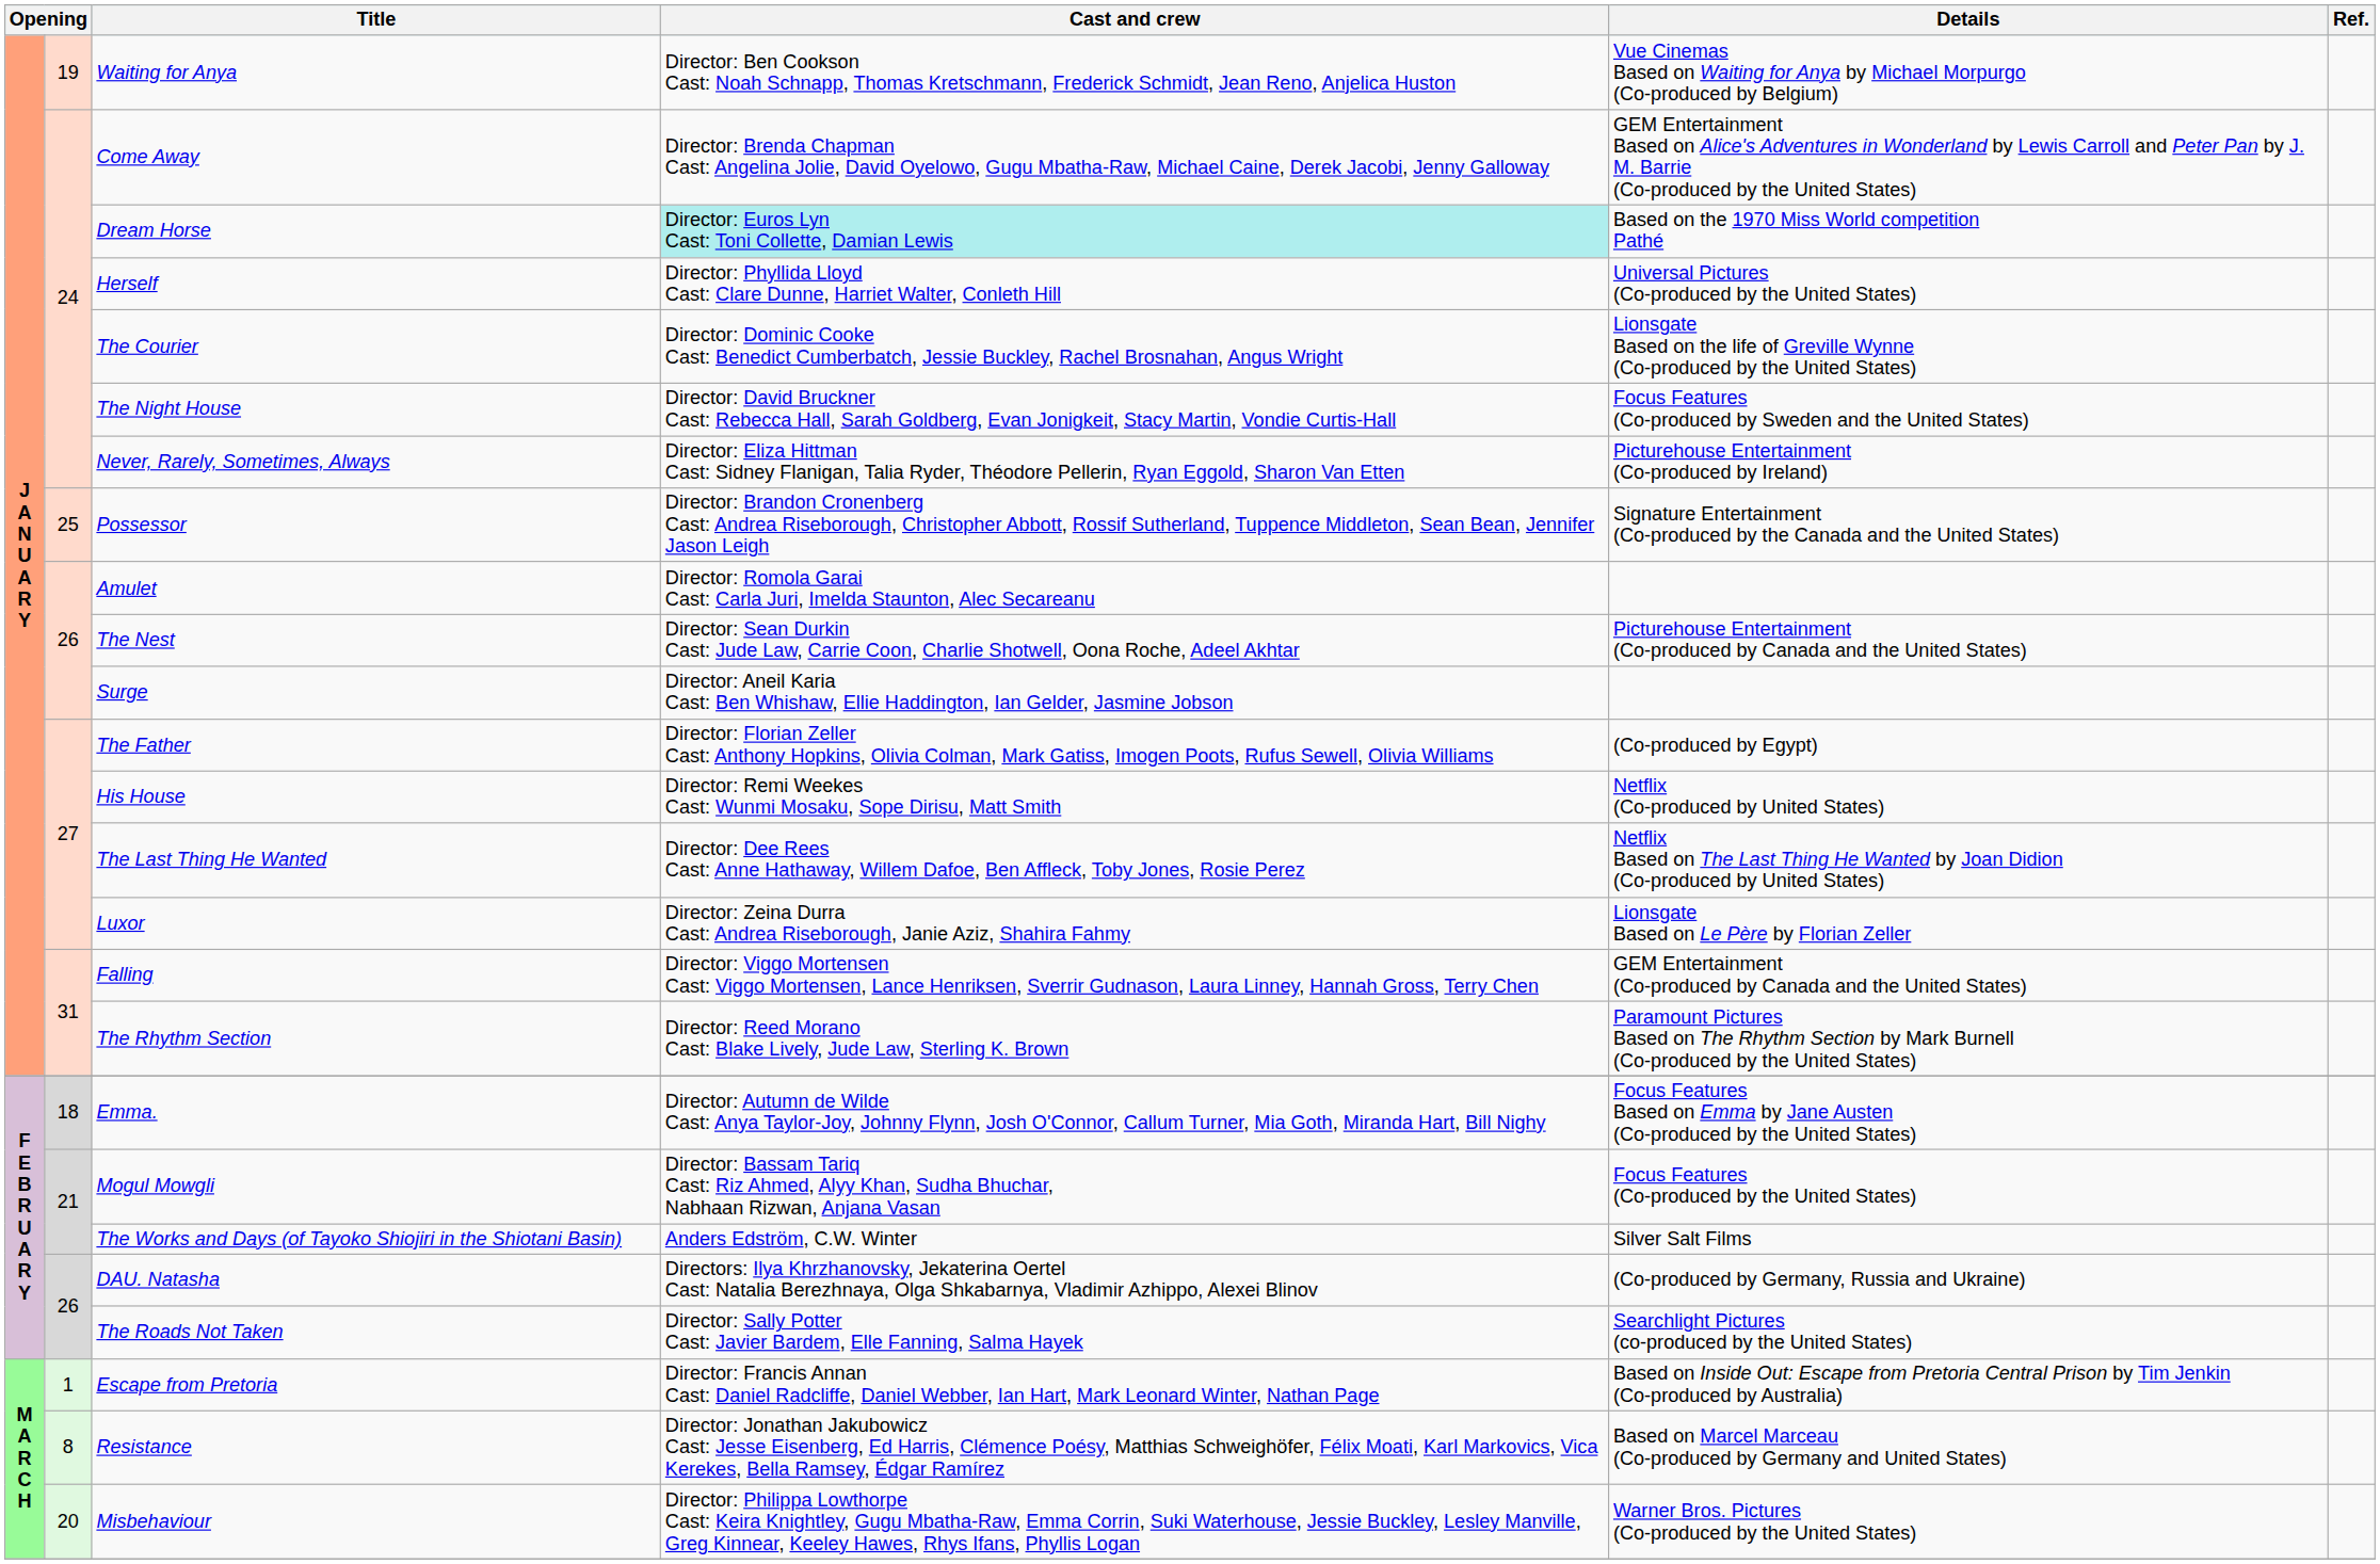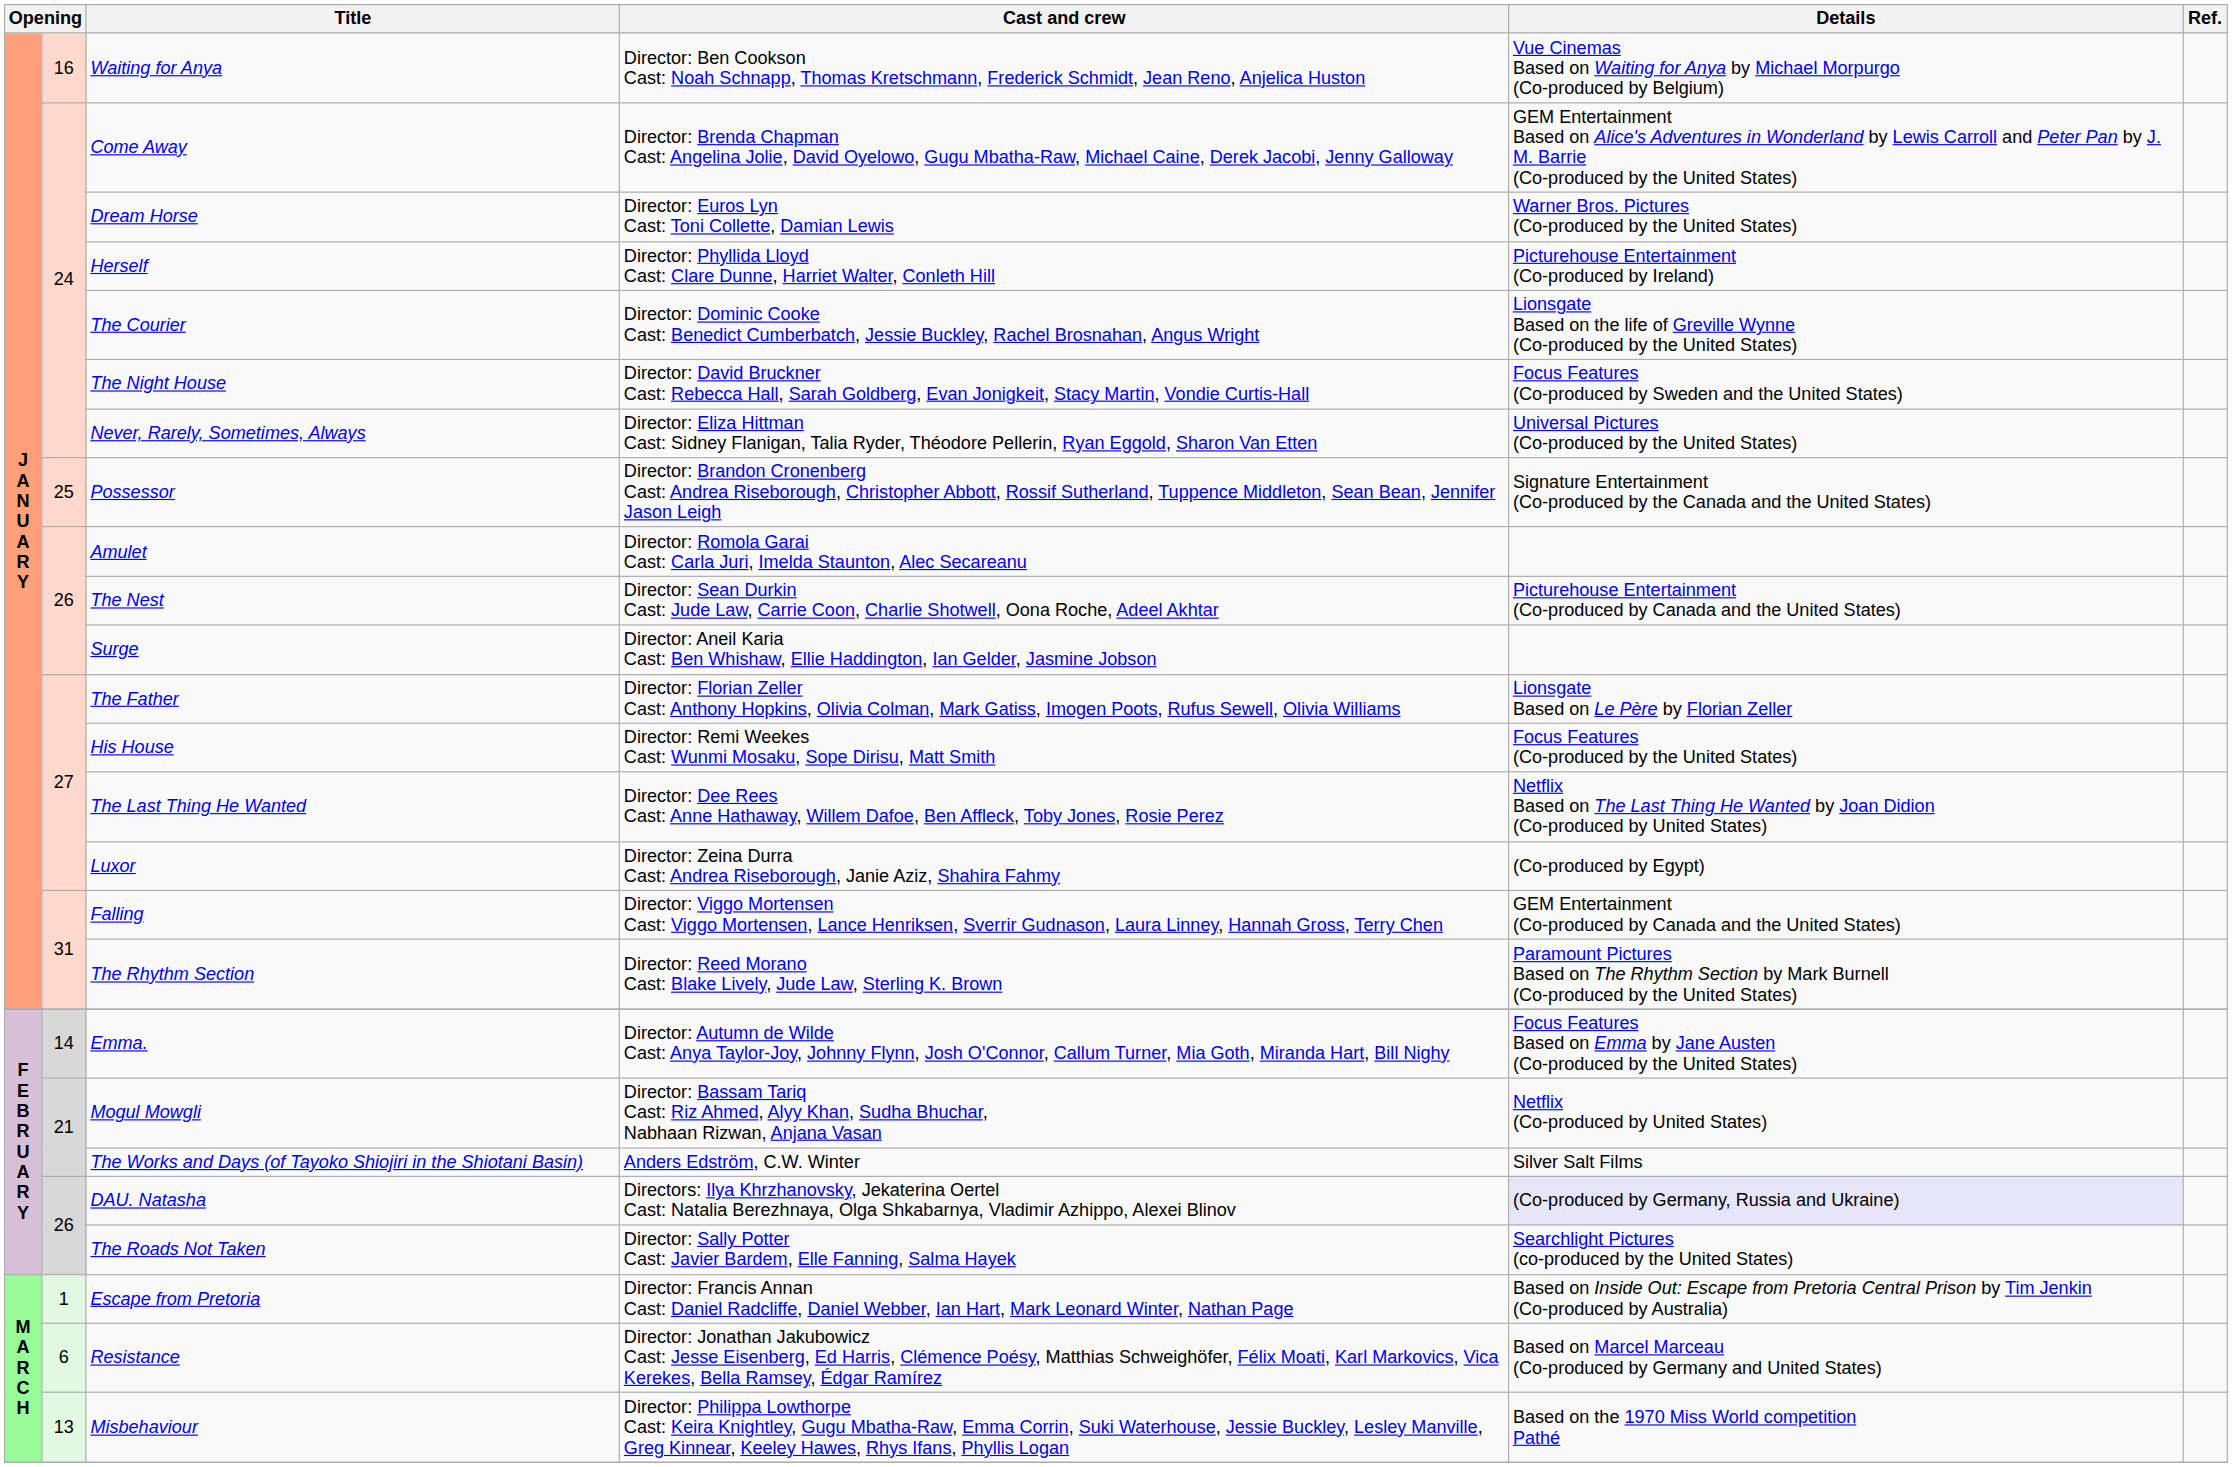 <table class="wikitable">
 <tr style="background:#b0e0e6; text-align:center;">
 <th colspan="2">Opening</th>
 <th style="width:24%;">Title</th>
 <th style="width:40%;">Cast and crew</th>
 <th>Details</th>
 <th style="width:2%;">Ref.</th>
 </tr>
 <tr>
 <th rowspan="17" style="text-align:center; background:#ffa07a; textcolor:#000;">J<br>A<br>N<br>U<br>A<br>R<br>Y</th>
-<td rowspan="1" style="text-align:center; background:#ffdacc;">19</td>
+<td rowspan="1" style="text-align:center; background:#ffdacc;">16</td>
 <td><em><a href='#'>Waiting for Anya</a></em></td>
 <td>Director: Ben Cookson <br> Cast: <a href='#'>Noah Schnapp</a>, <a href='#'>Thomas Kretschmann</a>, <a href='#'>Frederick Schmidt</a>, <a href='#'>Jean Reno</a>, <a href='#'>Anjelica Huston</a></td>
 <td><a href='#'>Vue Cinemas</a> <br> Based on <em><a href='#'>Waiting for Anya</a></em> by <a href='#'>Michael Morpurgo</a> <br> (Co-produced by Belgium)</td>
 <td></td>
 </tr>
 <tr>
 <td rowspan="6" style="text-align:center; background:#ffdacc;">24</td>
 <td><em><a href='#'>Come Away</a></em></td>
 <td>Director: <a href='#'>Brenda Chapman</a> <br> Cast: <a href='#'>Angelina Jolie</a>, <a href='#'>David Oyelowo</a>, <a href='#'>Gugu Mbatha-Raw</a>, <a href='#'>Michael Caine</a>, <a href='#'>Derek Jacobi</a>, <a href='#'>Jenny Galloway</a></td>
 <td>GEM Entertainment <br> Based on <em><a href='#'>Alice's Adventures in Wonderland</a></em> by <a href='#'>Lewis Carroll</a> and <em><a href='#'>Peter Pan</a></em> by <a href='#'>J. M. Barrie</a> <br> (Co-produced by the United States)</td>
 <td style="text-align:center"></td>
 </tr>
 <tr>
 <td><em><a href='#'>Dream Horse</a></em></td>
-<td style="background: paleturquoise;">Director: <a href='#'>Euros Lyn</a> <br> Cast: <a href='#'>Toni Collette</a>, <a href='#'>Damian Lewis</a></td>
-<td>Based on the <a href='#'>1970 Miss World competition</a> <br> <a href='#'>Pathé</a></td>
+<td>Director: <a href='#'>Euros Lyn</a> <br> Cast: <a href='#'>Toni Collette</a>, <a href='#'>Damian Lewis</a></td>
+<td><a href='#'>Warner Bros. Pictures</a> <br> (Co-produced by the United States)</td>
 <td style="text-align:center"></td>
 </tr>
 <tr>
 <td><em><a href='#'>Herself</a></em></td>
 <td>Director: <a href='#'>Phyllida Lloyd</a> <br> Cast: <a href='#'>Clare Dunne</a>, <a href='#'>Harriet Walter</a>, <a href='#'>Conleth Hill</a></td>
-<td><a href='#'>Universal Pictures</a> <br> (Co-produced by the United States)</td>
+<td><a href='#'>Picturehouse Entertainment</a> <br> (Co-produced by Ireland)</td>
 <td style="text-align:center"></td>
 </tr>
 <tr>
 <td><em><a href='#'>The Courier</a></em></td>
 <td>Director: <a href='#'>Dominic Cooke</a> <br> Cast: <a href='#'>Benedict Cumberbatch</a>, <a href='#'>Jessie Buckley</a>, <a href='#'>Rachel Brosnahan</a>, <a href='#'>Angus Wright</a></td>
 <td><a href='#'>Lionsgate</a> <br> Based on the life of <a href='#'>Greville Wynne</a> <br> (Co-produced by the United States)</td>
 <td style="text-align:center"></td>
 </tr>
 <tr>
 <td><em><a href='#'>The Night House</a></em></td>
 <td>Director: <a href='#'>David Bruckner</a> <br> Cast: <a href='#'>Rebecca Hall</a>, <a href='#'>Sarah Goldberg</a>, <a href='#'>Evan Jonigkeit</a>, <a href='#'>Stacy Martin</a>, <a href='#'>Vondie Curtis-Hall</a></td>
 <td><a href='#'>Focus Features</a> <br> (Co-produced by Sweden and the United States)</td>
 <td></td>
 </tr>
 <tr>
 <td><em><a href='#'>Never, Rarely, Sometimes, Always</a></em></td>
 <td>Director: <a href='#'>Eliza Hittman</a> <br> Cast: Sidney Flanigan, Talia Ryder, Théodore Pellerin, <a href='#'>Ryan Eggold</a>, <a href='#'>Sharon Van Etten</a></td>
-<td><a href='#'>Picturehouse Entertainment</a> <br> (Co-produced by Ireland)</td>
+<td><a href='#'>Universal Pictures</a> <br> (Co-produced by the United States)</td>
 <td style="text-align:center"></td>
 </tr>
 <tr>
 <td rowspan="1" style="text-align:center; background:#ffdacc;">25</td>
 <td><em><a href='#'>Possessor</a></em></td>
 <td>Director: <a href='#'>Brandon Cronenberg</a> <br> Cast: <a href='#'>Andrea Riseborough</a>, <a href='#'>Christopher Abbott</a>, <a href='#'>Rossif Sutherland</a>, <a href='#'>Tuppence Middleton</a>, <a href='#'>Sean Bean</a>, <a href='#'>Jennifer Jason Leigh</a></td>
 <td>Signature Entertainment <br> (Co-produced by the Canada and the United States)</td>
 <td style="text-align:center"></td>
 </tr>
 <tr>
 <td rowspan="3" style="text-align:center; background:#ffdacc;">26</td>
 <td><em><a href='#'>Amulet</a></em></td>
 <td>Director: <a href='#'>Romola Garai</a> <br> Cast: <a href='#'>Carla Juri</a>, <a href='#'>Imelda Staunton</a>, <a href='#'>Alec Secareanu</a></td>
 <td></td>
 <td style="text-align:center"></td>
 </tr>
 <tr>
 <td><em><a href='#'>The Nest</a></em></td>
 <td>Director: <a href='#'>Sean Durkin</a> <br> Cast: <a href='#'>Jude Law</a>, <a href='#'>Carrie Coon</a>, <a href='#'>Charlie Shotwell</a>, Oona Roche, <a href='#'>Adeel Akhtar</a></td>
 <td><a href='#'>Picturehouse Entertainment</a> <br> (Co-produced by Canada and the United States)</td>
 <td style="text-align:center"></td>
 </tr>
 <tr>
 <td><em><a href='#'>Surge</a></em></td>
 <td>Director: Aneil Karia <br> Cast: <a href='#'>Ben Whishaw</a>, <a href='#'>Ellie Haddington</a>, <a href='#'>Ian Gelder</a>, <a href='#'>Jasmine Jobson</a></td>
 <td></td>
 <td style="text-align:center"></td>
 </tr>
 <tr>
 <td rowspan="4" style="text-align:center; background:#ffdacc;">27</td>
 <td><em><a href='#'>The Father</a></em></td>
 <td>Director: <a href='#'>Florian Zeller</a> <br> Cast: <a href='#'>Anthony Hopkins</a>, <a href='#'>Olivia Colman</a>, <a href='#'>Mark Gatiss</a>, <a href='#'>Imogen Poots</a>, <a href='#'>Rufus Sewell</a>, <a href='#'>Olivia Williams</a></td>
-<td>(Co-produced by Egypt)</td>
+<td><a href='#'>Lionsgate</a> <br> Based on <em><a href='#'>Le Père</a></em> by <a href='#'>Florian Zeller</a></td>
 <td style="text-align:center"></td>
 </tr>
 <tr>
 <td><em><a href='#'>His House</a></em></td>
 <td>Director: Remi Weekes <br> Cast: <a href='#'>Wunmi Mosaku</a>, <a href='#'>Sope Dirisu</a>, <a href='#'>Matt Smith</a></td>
-<td><a href='#'>Netflix</a> <br> (Co-produced by United States)</td>
+<td><a href='#'>Focus Features</a> <br> (Co-produced by the United States)</td>
 <td style="text-align:center"></td>
 </tr>
 <tr>
 <td><em><a href='#'>The Last Thing He Wanted</a></em></td>
 <td>Director: <a href='#'>Dee Rees</a> <br> Cast: <a href='#'>Anne Hathaway</a>, <a href='#'>Willem Dafoe</a>, <a href='#'>Ben Affleck</a>, <a href='#'>Toby Jones</a>, <a href='#'>Rosie Perez</a></td>
 <td><a href='#'>Netflix</a> <br> Based on <em><a href='#'>The Last Thing He Wanted</a></em> by <a href='#'>Joan Didion</a> <br> (Co-produced by United States)</td>
 <td style="text-align:center"></td>
 </tr>
 <tr>
 <td><em><a href='#'>Luxor</a></em></td>
 <td>Director: Zeina Durra <br> Cast: <a href='#'>Andrea Riseborough</a>, Janie Aziz, <a href='#'>Shahira Fahmy</a></td>
-<td><a href='#'>Lionsgate</a> <br> Based on <em><a href='#'>Le Père</a></em> by <a href='#'>Florian Zeller</a></td>
+<td>(Co-produced by Egypt)</td>
 <td style="text-align:center"></td>
 </tr>
 <tr>
 <td rowspan="2" style="text-align:center; background:#ffdacc;">31</td>
 <td><em><a href='#'>Falling</a></em></td>
 <td>Director: <a href='#'>Viggo Mortensen</a> <br> Cast: <a href='#'>Viggo Mortensen</a>, <a href='#'>Lance Henriksen</a>, <a href='#'>Sverrir Gudnason</a>, <a href='#'>Laura Linney</a>, <a href='#'>Hannah Gross</a>, <a href='#'>Terry Chen</a></td>
 <td>GEM Entertainment <br> (Co-produced by Canada and the United States)</td>
 <td style="text-align:center"></td>
 </tr>
 <tr>
 <td><em><a href='#'>The Rhythm Section</a></em></td>
 <td>Director: <a href='#'>Reed Morano</a> <br> Cast: <a href='#'>Blake Lively</a>, <a href='#'>Jude Law</a>, <a href='#'>Sterling K. Brown</a></td>
 <td><a href='#'>Paramount Pictures</a> <br> Based on <em>The Rhythm Section</em> by Mark Burnell <br> (Co-produced by the United States)</td>
 <td style="text-align:center"></td>
 </tr>
 <tr>
 </tr>
 <tr>
 <th rowspan="5" style="text-align:center; background:thistle; textcolor:#000;">F<br>E<br>B<br>R<br>U<br>A<br>R<br>Y</th>
-<td rowspan="1" style="text-align:center; background:#d8d8d8;">18</td>
+<td rowspan="1" style="text-align:center; background:#d8d8d8;">14</td>
 <td><em><a href='#'>Emma.</a></em></td>
 <td>Director: <a href='#'>Autumn de Wilde</a> <br> Cast: <a href='#'>Anya Taylor-Joy</a>, <a href='#'>Johnny Flynn</a>, <a href='#'>Josh O'Connor</a>, <a href='#'>Callum Turner</a>, <a href='#'>Mia Goth</a>, <a href='#'>Miranda Hart</a>, <a href='#'>Bill Nighy</a></td>
 <td><a href='#'>Focus Features</a> <br> Based on <em><a href='#'>Emma</a></em> by <a href='#'>Jane Austen</a> <br> (Co-produced by the United States)</td>
 <td style="text-align:center"></td>
 </tr>
 <tr>
 <td rowspan="2" style="text-align:center; background:#d8d8d8;">21</td>
 <td><em><a href='#'>Mogul Mowgli</a></em></td>
 <td>Director: <a href='#'>Bassam Tariq</a> <br> Cast: <a href='#'>Riz Ahmed</a>, <a href='#'>Alyy Khan</a>, <a href='#'>Sudha Bhuchar</a>,<br>Nabhaan Rizwan, <a href='#'>Anjana Vasan</a></td>
-<td><a href='#'>Focus Features</a> <br> (Co-produced by the United States)</td>
+<td><a href='#'>Netflix</a> <br> (Co-produced by United States)</td>
 <td style="text-align:center"></td>
 </tr>
 <tr>
 <td><em><a href='#'>The Works and Days (of Tayoko Shiojiri in the Shiotani Basin)</a></em></td>
 <td><a href='#'>Anders Edström</a>, C.W. Winter</td>
 <td>Silver Salt Films</td>
 <td></td>
 </tr>
 <tr>
 <td rowspan="2" style="text-align:center; background:#d8d8d8;">26</td>
 <td><em><a href='#'>DAU. Natasha</a></em></td>
 <td>Directors: <a href='#'>Ilya Khrzhanovsky</a>, Jekaterina Oertel <br> Cast: Natalia Berezhnaya, Olga Shkabarnya, Vladimir Azhippo, Alexei Blinov</td>
-<td>(Co-produced by Germany, Russia and Ukraine)</td>
+<td style="background: lavender;">(Co-produced by Germany, Russia and Ukraine)</td>
 <td style="text-align:center"></td>
 </tr>
 <tr>
 <td><em><a href='#'>The Roads Not Taken</a></em></td>
 <td>Director: <a href='#'>Sally Potter</a> <br> Cast: <a href='#'>Javier Bardem</a>, <a href='#'>Elle Fanning</a>, <a href='#'>Salma Hayek</a></td>
 <td><a href='#'>Searchlight Pictures</a> <br> (co-produced by the United States)</td>
 <td style="text-align:center"></td>
 </tr>
 <tr>
 <th rowspan="3" style="text-align:center; background:#98fb98; textcolor:#000;">M<br>A<br>R<br>C<br>H</th>
 <td rowspan="1" style="text-align:center; background:#e0f9e0;">1</td>
 <td><em><a href='#'>Escape from Pretoria</a></em></td>
 <td>Director: Francis Annan <br> Cast: <a href='#'>Daniel Radcliffe</a>, <a href='#'>Daniel Webber</a>, <a href='#'>Ian Hart</a>, <a href='#'>Mark Leonard Winter</a>, <a href='#'>Nathan Page</a></td>
 <td>Based on <em>Inside Out: Escape from Pretoria Central Prison</em> by <a href='#'>Tim Jenkin</a> <br> (Co-produced by Australia)</td>
 <td style="text-align:center"></td>
 </tr>
 <tr>
-<td rowspan="1" style="text-align:center; background:#e0f9e0;">8</td>
+<td rowspan="1" style="text-align:center; background:#e0f9e0;">6</td>
 <td><em><a href='#'>Resistance</a></em></td>
 <td>Director: Jonathan Jakubowicz <br> Cast: <a href='#'>Jesse Eisenberg</a>, <a href='#'>Ed Harris</a>, <a href='#'>Clémence Poésy</a>, Matthias Schweighöfer, <a href='#'>Félix Moati</a>, <a href='#'>Karl Markovics</a>, <a href='#'>Vica Kerekes</a>, <a href='#'>Bella Ramsey</a>, <a href='#'>Édgar Ramírez</a></td>
 <td>Based on <a href='#'>Marcel Marceau</a> <br> (Co-produced by Germany and United States)</td>
 <td style="text-align:center"></td>
 </tr>
 <tr>
-<td rowspan="1" style="text-align:center; background:#e0f9e0;">20</td>
+<td rowspan="1" style="text-align:center; background:#e0f9e0;">13</td>
 <td><em><a href='#'>Misbehaviour</a></em></td>
 <td>Director: <a href='#'>Philippa Lowthorpe</a> <br> Cast: <a href='#'>Keira Knightley</a>, <a href='#'>Gugu Mbatha-Raw</a>, <a href='#'>Emma Corrin</a>, <a href='#'>Suki Waterhouse</a>, <a href='#'>Jessie Buckley</a>, <a href='#'>Lesley Manville</a>, <a href='#'>Greg Kinnear</a>, <a href='#'>Keeley Hawes</a>, <a href='#'>Rhys Ifans</a>, <a href='#'>Phyllis Logan</a></td>
-<td><a href='#'>Warner Bros. Pictures</a> <br> (Co-produced by the United States)</td>
+<td>Based on the <a href='#'>1970 Miss World competition</a> <br> <a href='#'>Pathé</a></td>
 <td style="text-align:center"></td>
 </tr>
 <tr>
 </tr>
 </table>
